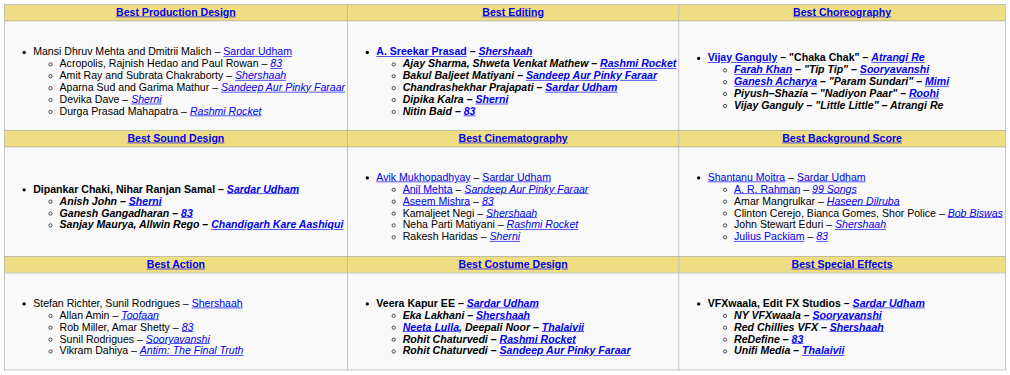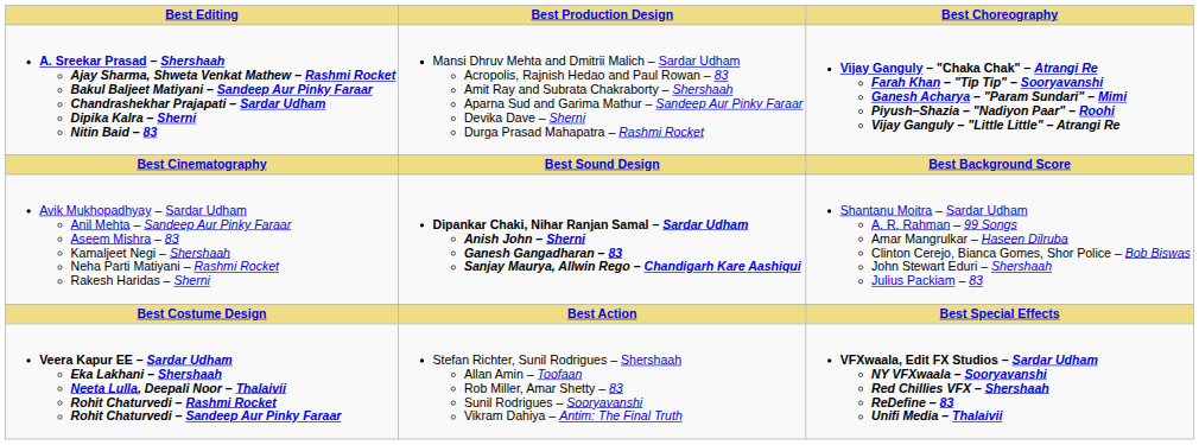 <table class="wikitable">
 <tr>
+<th style="background:#EEDD82;"><a href='#'>Best Editing</a></th>
 <th style="background:#EEDD82;"><a href='#'>Best Production Design</a></th>
-<th style="background:#EEDD82;"><a href='#'>Best Editing</a></th>
 <th style="background:#EEDD82;"><a href='#'>Best Choreography</a></th>
 </tr>
 <tr>
+<td><br><ul><li><strong><a href='#'>A. Sreekar Prasad</a> – <em><a href='#'>Shershaah</a><strong><em><ul><li>Ajay Sharma, Shweta Venkat Mathew – </em><a href='#'>Rashmi Rocket</a><em></li><li>Bakul Baljeet Matiyani – </em><a href='#'>Sandeep Aur Pinky Faraar</a><em></li><li>Chandrashekhar Prajapati – </em><a href='#'>Sardar Udham</a><em></li><li>Dipika Kalra – </em><a href='#'>Sherni</a><em></li><li>Nitin Baid – </em><a href='#'>83</a><em></li></ul></li></ul></td>
 <td><br><ul><li></strong>Mansi Dhruv Mehta and Dmitrii Malich – </em><a href='#'>Sardar Udham</a></em></strong><ul><li>Acropolis, Rajnish Hedao and Paul Rowan – <em><a href='#'>83</a></em></li><li>Amit Ray and Subrata Chakraborty – <em><a href='#'>Shershaah</a></em></li><li>Aparna Sud and Garima Mathur – <em><a href='#'>Sandeep Aur Pinky Faraar </a></em></li><li>Devika Dave – <em><a href='#'>Sherni</a></em></li><li>Durga Prasad Mahapatra – <em><a href='#'>Rashmi Rocket</a></em></li></ul></li></ul></td>
-<td><br><ul><li><strong><a href='#'>A. Sreekar Prasad</a> – <em><a href='#'>Shershaah</a><strong><em><ul><li>Ajay Sharma, Shweta Venkat Mathew – </em><a href='#'>Rashmi Rocket</a><em></li><li>Bakul Baljeet Matiyani – </em><a href='#'>Sandeep Aur Pinky Faraar</a><em></li><li>Chandrashekhar Prajapati – </em><a href='#'>Sardar Udham</a><em></li><li>Dipika Kalra – </em><a href='#'>Sherni</a><em></li><li>Nitin Baid – </em><a href='#'>83</a><em></li></ul></li></ul></td>
 <td><br><ul><li><strong><a href='#'>Vijay Ganguly</a> – "Chaka Chak" – <em><a href='#'>Atrangi Re</a><strong><em><ul><li><a href='#'>Farah Khan</a> – "Tip Tip" – </em><a href='#'>Sooryavanshi</a><em></li><li><a href='#'>Ganesh Acharya</a> – "Param Sundari" – </em><a href='#'>Mimi</a><em></li><li>Piyush–Shazia – "Nadiyon Paar" – </em><a href='#'>Roohi</a><em></li><li>Vijay Ganguly – "Little Little" – </em>Atrangi Re<em></li></ul></li></ul></td>
 </tr>
 <tr>
+<th style="background:#EEDD82;"><a href='#'>Best Cinematography</a></th>
 <th style="background:#EEDD82;"><a href='#'>Best Sound Design</a></th>
-<th style="background:#EEDD82;"><a href='#'>Best Cinematography</a></th>
 <th style="background:#EEDD82;"><a href='#'>Best Background Score</a></th>
 </tr>
 <tr>
+<td><br><ul><li></strong><a href='#'>Avik Mukhopadhyay</a> – </em><a href='#'>Sardar Udham</a></em></strong><ul><li><a href='#'>Anil Mehta</a> – <em><a href='#'>Sandeep Aur Pinky Faraar</a></em></li><li><a href='#'>Aseem Mishra</a> – <em><a href='#'>83</a></em></li><li>Kamaljeet Negi – <em><a href='#'>Shershaah</a></em></li><li>Neha Parti Matiyani – <em><a href='#'>Rashmi Rocket</a></em></li><li>Rakesh Haridas – <em><a href='#'>Sherni</a></em></li></ul></li></ul></td>
 <td><br><ul><li><strong>Dipankar Chaki, Nihar Ranjan Samal – <em><a href='#'>Sardar Udham</a><strong><em><ul><li>Anish John – </em><a href='#'>Sherni</a><em></li><li>Ganesh Gangadharan – </em><a href='#'>83</a><em></li><li>Sanjay Maurya, Allwin Rego – </em><a href='#'>Chandigarh Kare Aashiqui</a><em></li></ul></li></ul></td>
-<td><br><ul><li></strong><a href='#'>Avik Mukhopadhyay</a> – </em><a href='#'>Sardar Udham</a></em></strong><ul><li><a href='#'>Anil Mehta</a> – <em><a href='#'>Sandeep Aur Pinky Faraar</a></em></li><li><a href='#'>Aseem Mishra</a> – <em><a href='#'>83</a></em></li><li>Kamaljeet Negi – <em><a href='#'>Shershaah</a></em></li><li>Neha Parti Matiyani – <em><a href='#'>Rashmi Rocket</a></em></li><li>Rakesh Haridas – <em><a href='#'>Sherni</a></em></li></ul></li></ul></td>
 <td><br><ul><li></strong><a href='#'>Shantanu Moitra</a> – </em><a href='#'>Sardar Udham</a></em></strong><ul><li><a href='#'>A. R. Rahman</a> – <em><a href='#'>99 Songs</a></em></li><li>Amar Mangrulkar – <em><a href='#'>Haseen Dilruba</a></em></li><li>Clinton Cerejo, Bianca Gomes, Shor Police – <em><a href='#'>Bob Biswas</a></em></li><li>John Stewart Eduri – <em><a href='#'>Shershaah</a></em></li><li><a href='#'>Julius Packiam</a> – <em><a href='#'>83</a></em></li></ul></li></ul></td>
 </tr>
 <tr>
+<th style="background:#EEDD82;"><a href='#'>Best Costume Design</a></th>
 <th style="background:#EEDD82;"><a href='#'>Best Action</a></th>
-<th style="background:#EEDD82;"><a href='#'>Best Costume Design</a></th>
 <th style="background:#EEDD82;"><a href='#'>Best Special Effects</a></th>
 </tr>
 <tr>
+<td><br><ul><li><strong>Veera Kapur EE – <em><a href='#'>Sardar Udham</a><strong><em><ul><li>Eka Lakhani – </em><a href='#'>Shershaah</a><em></li><li><a href='#'>Neeta Lulla</a>, Deepali Noor – </em><a href='#'>Thalaivii</a><em></li><li>Rohit Chaturvedi – </em><a href='#'>Rashmi Rocket</a><em></li><li>Rohit Chaturvedi – </em><a href='#'>Sandeep Aur Pinky Faraar</a><em></li></ul></li></ul></td>
 <td><br><ul><li></strong>Stefan Richter, Sunil Rodrigues – </em><a href='#'>Shershaah</a></em></strong><ul><li>Allan Amin – <em><a href='#'>Toofaan</a></em></li><li>Rob Miller, Amar Shetty – <em><a href='#'>83</a></em></li><li>Sunil Rodrigues – <em><a href='#'>Sooryavanshi</a></em></li><li>Vikram Dahiya – <em><a href='#'>Antim: The Final Truth</a></em></li></ul></li></ul></td>
-<td><br><ul><li><strong>Veera Kapur EE – <em><a href='#'>Sardar Udham</a><strong><em><ul><li>Eka Lakhani – </em><a href='#'>Shershaah</a><em></li><li><a href='#'>Neeta Lulla</a>, Deepali Noor – </em><a href='#'>Thalaivii</a><em></li><li>Rohit Chaturvedi – </em><a href='#'>Rashmi Rocket</a><em></li><li>Rohit Chaturvedi – </em><a href='#'>Sandeep Aur Pinky Faraar</a><em></li></ul></li></ul></td>
 <td><br><ul><li><strong>VFXwaala, Edit FX Studios – <em><a href='#'>Sardar Udham</a><strong><em><ul><li>NY VFXwaala – </em><a href='#'>Sooryavanshi</a><em></li><li>Red Chillies VFX – </em><a href='#'>Shershaah</a><em></li><li>ReDefine – </em><a href='#'>83</a><em></li><li>Unifi Media – </em><a href='#'>Thalaivii</a><em></li></ul></li></ul></td>
 </tr>
 </table>
